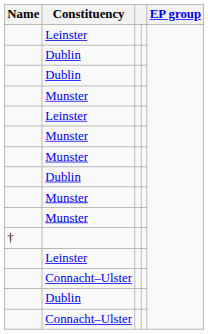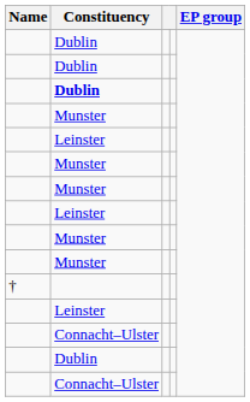 <table class="wikitable sortable">
 <tr>
 <th>Name</th>
 <th>Constituency</th>
 <th colspan=2></th>
 <th colspan=2><a href='#'>EP group</a></th>
 </tr>
 <tr>
 <td></td>
-<td><a href='#'>Leinster</a></td>
+<td><a href='#'>Dublin</a></td>
 <td></td>
 <td></td>
 </tr>
 <tr>
 <td></td>
 <td><a href='#'>Dublin</a></td>
 <td></td>
 <td></td>
 </tr>
 <tr>
 <td></td>
-<td><a href='#'>Dublin</a></td>
+<td><strong><a href='#'>Dublin</a></strong></td>
 <td></td>
 <td></td>
 </tr>
 <tr>
 <td></td>
 <td><a href='#'>Munster</a></td>
 <td></td>
 <td></td>
 </tr>
 <tr>
 <td></td>
 <td><a href='#'>Leinster</a></td>
 <td></td>
 <td></td>
 </tr>
 <tr>
 <td></td>
 <td><a href='#'>Munster</a></td>
 <td></td>
 <td></td>
 </tr>
 <tr>
 <td></td>
 <td><a href='#'>Munster</a></td>
 <td></td>
 <td></td>
 </tr>
 <tr>
 <td></td>
-<td><a href='#'>Dublin</a></td>
+<td><a href='#'>Leinster</a></td>
 <td></td>
 <td></td>
 </tr>
 <tr>
 <td></td>
 <td><a href='#'>Munster</a></td>
 <td></td>
 <td></td>
 </tr>
 <tr>
 <td></td>
 <td><a href='#'>Munster</a></td>
 <td></td>
 <td></td>
 </tr>
 <tr>
 <td>†</td>
 <td></td>
 <td></td>
 <td></td>
 </tr>
 <tr>
 <td></td>
 <td><a href='#'>Leinster</a></td>
 <td></td>
 <td></td>
 </tr>
 <tr>
 <td></td>
 <td><a href='#'>Connacht–Ulster</a></td>
 <td></td>
 <td></td>
 </tr>
 <tr>
 <td></td>
 <td><a href='#'>Dublin</a></td>
 <td></td>
 <td></td>
 </tr>
 <tr>
 <td></td>
 <td><a href='#'>Connacht–Ulster</a></td>
 <td></td>
 <td></td>
 </tr>
 </table>
